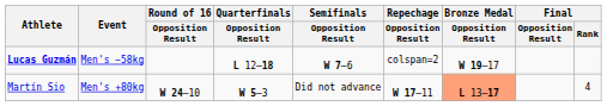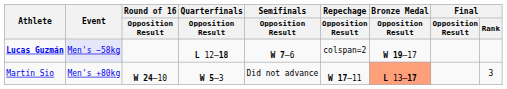 <table class="wikitable" style="font-size:90%">
 <tr>
 <th rowspan=2>Athlete</th>
 <th rowspan=2>Event</th>
 <th>Round of 16</th>
 <th>Quarterfinals</th>
 <th>Semifinals</th>
 <th>Repechage</th>
 <th>Bronze Medal</th>
 <th colspan=2>Final</th>
 </tr>
 <tr style="font-size:95%">
 <th>Opposition<br>Result</th>
 <th>Opposition<br>Result</th>
 <th>Opposition<br>Result</th>
 <th>Opposition<br>Result</th>
 <th>Opposition<br>Result</th>
 <th>Opposition<br>Result</th>
 <th>Rank</th>
 </tr>
 <tr style="text-align:center">
 <td style="text-align:left"><strong><a href='#'>Lucas Guzmán</a></strong></td>
-<td style="text-align:left"><a href='#'>Men's −58kg</a></td>
+<td style="background: lavender; text-align:left"><a href='#'>Men's −58kg</a></td>
 <td></td>
 <td><br><strong>L</strong> 12–<strong>18</strong></td>
 <td><br><strong>W</strong> <strong>7</strong>–6</td>
 <td>colspan=2 </td>
 <td><br><strong>W</strong> <strong>19</strong>–17</td>
 <td></td>
 </tr>
 <tr style="text-align:center">
 <td style="text-align:left"><a href='#'>Martín Sio</a></td>
 <td style="text-align:left"><a href='#'>Men's +80kg</a></td>
 <td><br><strong>W</strong> <strong>24</strong>–10</td>
 <td><br><strong>W</strong> <strong>5</strong>–3</td>
 <td>Did not advance</td>
 <td><br><strong>W</strong> <strong>17</strong>–11</td>
 <td style="background: lightsalmon;"><br><strong>L</strong> 13–<strong>17</strong></td>
 <td></td>
-<td>4</td>
+<td>3</td>
 </tr>
 </table>
